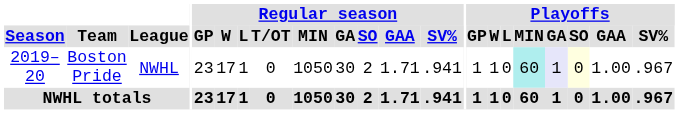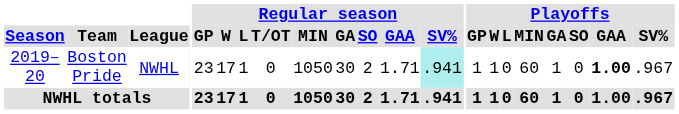 <table border="0" cellpadding="1" cellspacing="0" style="text-align:center; width:75%">
 <tr bgcolor="#e0e0e0">
 <th colspan="3" bgcolor="#ffffff"></th>
 <th rowspan="99" bgcolor="#ffffff"></th>
 <th colspan="9" bgcolor="#e0e0e0"><a href='#'>Regular season</a></th>
 <th rowspan="99" bgcolor="#ffffff"></th>
 <th colspan="8" bgcolor="#e0e0e0"><a href='#'>Playoffs</a></th>
 </tr>
 <tr bgcolor="#e0e0e0">
 <th><a href='#'>Season</a></th>
 <th>Team</th>
 <th>League</th>
 <th>GP</th>
 <th>W</th>
 <th>L</th>
 <th>T/OT</th>
 <th>MIN</th>
 <th>GA</th>
 <th><a href='#'>SO</a></th>
 <th><a href='#'>GAA</a></th>
 <th><a href='#'>SV%</a></th>
 <th>GP</th>
 <th>W</th>
 <th>L</th>
 <th>MIN</th>
 <th>GA</th>
 <th>SO</th>
 <th>GAA</th>
 <th>SV%</th>
 </tr>
 <tr>
 <td><a href='#'>2019–20</a></td>
 <td><a href='#'>Boston Pride</a></td>
 <td><a href='#'>NWHL</a></td>
 <td>23</td>
 <td>17</td>
 <td>1</td>
 <td>0</td>
 <td>1050</td>
 <td>30</td>
 <td>2</td>
 <td>1.71</td>
-<td>.941</td>
+<td style="background: paleturquoise;">.941</td>
 <td>1</td>
 <td>1</td>
 <td>0</td>
-<td style="background: paleturquoise;">60</td>
-<td style="background: lavender;">1</td>
-<td style="background: lightyellow;">0</td>
-<td>1.00</td>
+<td>60</td>
+<td>1</td>
+<td>0</td>
+<td><strong>1.00</strong></td>
 <td>.967</td>
 </tr>
 <tr bgcolor="#e0e0e0">
 <th colspan="3">NWHL totals</th>
 <th>23</th>
 <th>17</th>
 <th>1</th>
 <th>0</th>
 <th>1050</th>
 <th>30</th>
 <th>2</th>
 <th>1.71</th>
 <th>.941</th>
 <th>1</th>
 <th>1</th>
 <th>0</th>
 <th>60</th>
 <th>1</th>
 <th>0</th>
 <th>1.00</th>
 <th>.967</th>
 </tr>
 </table>
